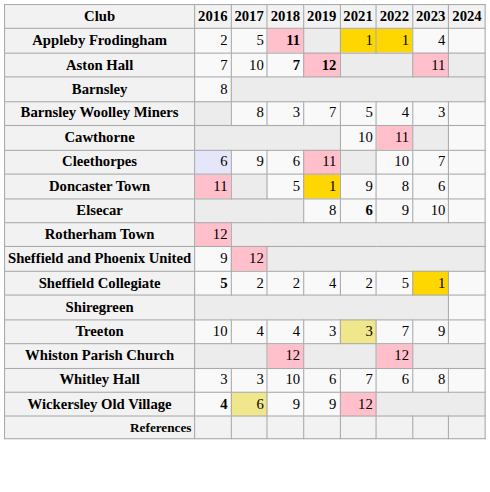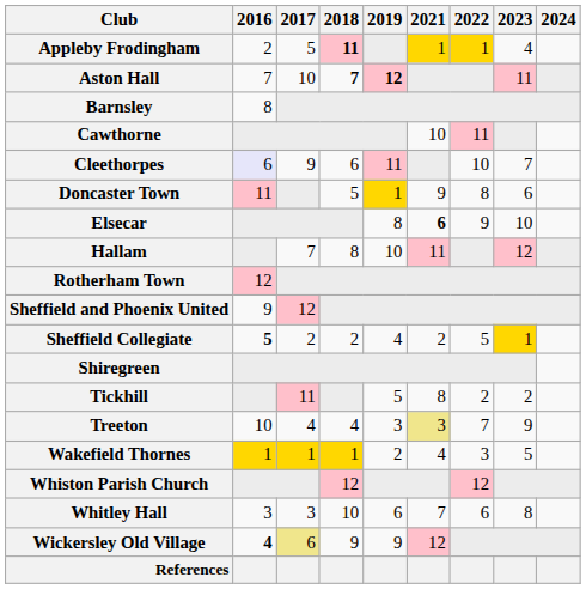 <table class="wikitable plainrowheaders" style="font-size:85%; text-align: right;">
 <tr>
 <th scope="col">Club</th>
 <th scope="col">2016</th>
 <th scope="col">2017</th>
 <th scope="col">2018</th>
 <th scope="col">2019</th>
 <th scope="col">2021</th>
 <th scope="col">2022</th>
 <th scope="col">2023</th>
 <th scope="col">2024</th>
 </tr>
 <tr>
 <th scope="row">Appleby Frodingham</th>
 <td>2</td>
 <td>5</td>
 <td bgcolor="pink"><strong>11</strong></td>
 <td bgcolor="#ececec"></td>
 <td bgcolor="gold">1</td>
 <td bgcolor="gold">1</td>
 <td>4</td>
 <td></td>
 </tr>
 <tr>
 <th scope="row">Aston Hall</th>
 <td>7</td>
 <td>10</td>
 <td><strong>7</strong></td>
 <td bgcolor="pink"><strong>12</strong></td>
 <td bgcolor="#ececec" colspan="2"></td>
 <td bgcolor="pink">11</td>
 <td bgcolor="#ececec"></td>
 </tr>
 <tr>
 <th scope="row">Barnsley </th>
 <td>8</td>
 <td bgcolor="#ececec" colspan="7"></td>
-</tr>
-<tr>
-<th scope="row">Barnsley Woolley Miners </th>
-<td bgcolor="#ececec"></td>
-<td>8</td>
-<td>3</td>
-<td>7</td>
-<td>5</td>
-<td>4</td>
-<td>3</td>
-<td></td>
 </tr>
 <tr>
 <th scope="row">Cawthorne</th>
 <td bgcolor="#ececec" colspan="4"></td>
 <td>10</td>
 <td bgcolor="pink">11</td>
 <td bgcolor="#ececec" colspan="1"></td>
 <td></td>
 </tr>
 <tr>
 <th scope="row">Cleethorpes</th>
 <td style="background: lavender;">6</td>
 <td>9</td>
 <td>6</td>
 <td bgcolor="pink">11</td>
 <td bgcolor="#ececec" colspan="1"></td>
 <td>10</td>
 <td>7</td>
 <td></td>
 </tr>
 <tr>
 <th scope="row">Doncaster Town</th>
 <td bgcolor="pink">11</td>
 <td bgcolor="#ececec"></td>
 <td>5</td>
 <td bgcolor="gold">1</td>
 <td>9</td>
 <td>8</td>
 <td>6</td>
 <td></td>
 </tr>
 <tr>
 <th scope="row">Elsecar</th>
 <td bgcolor="#ececec" colspan="3"></td>
 <td>8</td>
 <td><strong>6</strong></td>
 <td>9</td>
 <td>10</td>
 <td></td>
 </tr>
 <tr>
+<th scope="row">Hallam</th>
+<td bgcolor="#ececec"></td>
+<td>7</td>
+<td>8</td>
+<td>10</td>
+<td bgcolor="pink">11</td>
+<td bgcolor="#ececec"></td>
+<td bgcolor="pink">12</td>
+<td bgcolor="#ececec"></td>
+</tr>
+<tr>
 <th scope="row">Rotherham Town</th>
 <td bgcolor="pink">12</td>
 <td bgcolor="#ececec" colspan="7"></td>
 </tr>
 <tr>
 <th scope="row">Sheffield and Phoenix United</th>
 <td>9</td>
 <td bgcolor="pink">12</td>
 <td bgcolor="#ececec" colspan="6"></td>
 </tr>
 <tr>
 <th scope="row">Sheffield Collegiate</th>
 <td><strong>5</strong></td>
 <td>2</td>
 <td>2</td>
 <td>4</td>
 <td>2</td>
 <td>5</td>
 <td bgcolor="gold">1</td>
 <td></td>
 </tr>
 <tr>
 <th scope="row">Shiregreen</th>
 <td bgcolor="#ececec" colspan="7"></td>
 <td></td>
 </tr>
 <tr>
+<th scope="row">Tickhill</th>
+<td bgcolor="#ececec"></td>
+<td bgcolor="pink">11</td>
+<td bgcolor="#ececec"></td>
+<td>5</td>
+<td>8</td>
+<td>2</td>
+<td>2</td>
+<td></td>
+</tr>
+<tr>
 <th scope="row">Treeton</th>
 <td>10</td>
 <td>4</td>
 <td>4</td>
 <td>3</td>
 <td style="background: khaki;">3</td>
 <td>7</td>
 <td>9</td>
+<td></td>
+</tr>
+<tr>
+<th scope="row">Wakefield Thornes</th>
+<td bgcolor="gold">1</td>
+<td bgcolor="gold">1</td>
+<td bgcolor="gold">1</td>
+<td>2</td>
+<td>4</td>
+<td>3</td>
+<td>5</td>
 <td></td>
 </tr>
 <tr>
 <th scope="row">Whiston Parish Church</th>
 <td bgcolor="#ececec" colspan="2"></td>
 <td bgcolor="pink">12</td>
 <td bgcolor="#ececec" colspan="2"></td>
 <td bgcolor="pink">12</td>
 <td bgcolor="#ececec" colspan="2"></td>
 </tr>
 <tr>
 <th scope="row">Whitley Hall</th>
 <td>3</td>
 <td>3</td>
 <td>10</td>
 <td>6</td>
 <td>7</td>
 <td>6</td>
 <td>8</td>
 <td></td>
 </tr>
 <tr>
 <th scope="row">Wickersley Old Village</th>
 <td><strong>4</strong></td>
 <td style="background: khaki;">6</td>
 <td>9</td>
 <td>9</td>
 <td bgcolor="pink">12</td>
 <td bgcolor="#ececec" colspan="3"></td>
 </tr>
 <tr style="font-size:90%; text-align:center">
 <th scope="row" style="text-align: right">References</th>
 <th scope="col"></th>
 <th scope="col"></th>
 <th scope="col"></th>
 <th scope="col"></th>
 <th scope="col"></th>
 <th scope="col"></th>
 <th scope="col"></th>
 <th scope="col"></th>
 </tr>
 </table>
